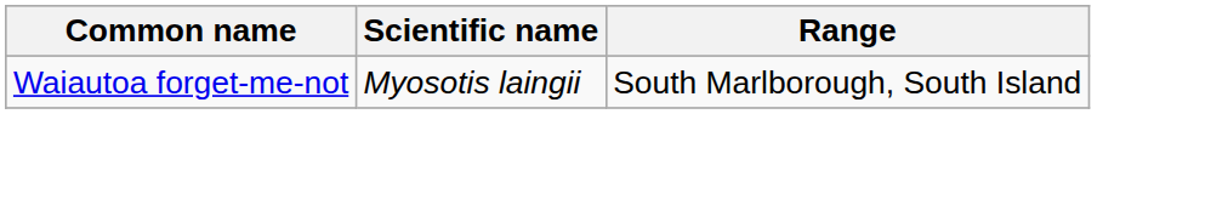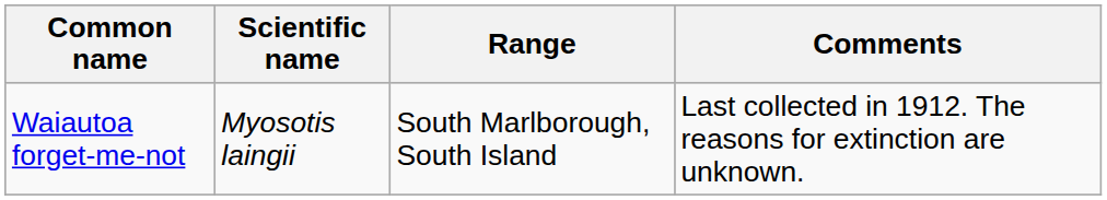 <table class="wikitable">
 <tr>
 <th>Common name</th>
 <th>Scientific name</th>
 <th>Range</th>
+<th class="unsortable">Comments</th>
 </tr>
 <tr>
 <td><a href='#'>Waiautoa forget-me-not</a></td>
 <td><em>Myosotis laingii</em></td>
 <td>South Marlborough, South Island</td>
+<td>Last collected in 1912. The reasons for extinction are unknown.</td>
 </tr>
 </table>
